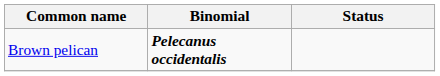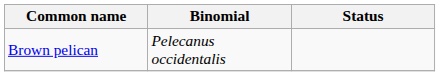 <table width=72% class="wikitable">
 <tr>
 <th width=24%>Common name</th>
 <th width=24%>Binomial</th>
 <th width=24%>Status</th>
 </tr>
 <tr>
 <td><a href='#'>Brown pelican</a></td>
-<td><strong><em>Pelecanus occidentalis</em></strong></td>
+<td><em>Pelecanus occidentalis</em></td>
 <td></td>
 </tr>
 <tr>
 </tr>
 </table>
